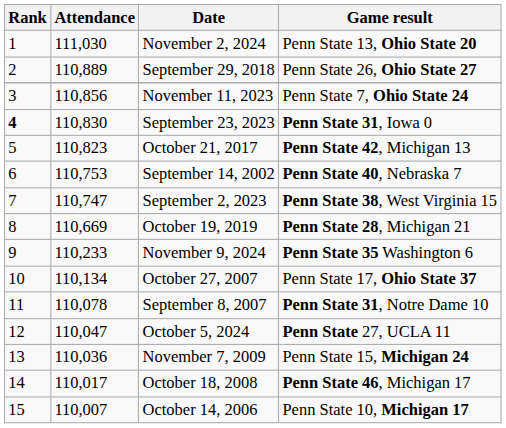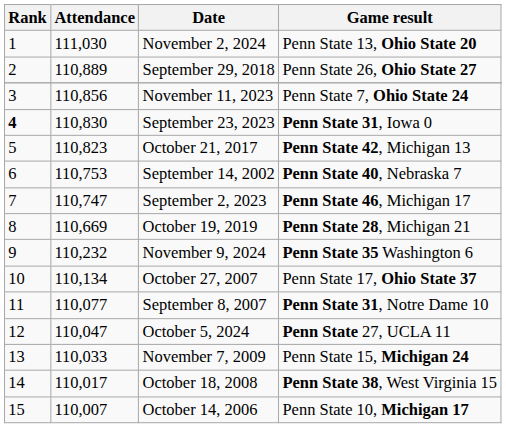 <table class="wikitable">
 <tr>
 <th>Rank</th>
 <th>Attendance</th>
 <th>Date</th>
 <th>Game result</th>
 </tr>
 <tr>
 <td>1</td>
 <td>111,030</td>
 <td>November 2, 2024</td>
 <td>Penn State 13, <strong>Ohio State 20</strong></td>
 </tr>
 <tr>
 <td>2</td>
 <td>110,889</td>
 <td>September 29, 2018</td>
 <td>Penn State 26, <strong>Ohio State 27</strong></td>
 </tr>
 <tr>
 </tr>
 <tr>
 <td>3</td>
 <td>110,856</td>
 <td>November 11, 2023</td>
 <td>Penn State 7, <strong>Ohio State 24</strong></td>
 </tr>
 <tr>
 <td><strong>4</strong></td>
 <td>110,830</td>
 <td>September 23, 2023</td>
 <td><strong>Penn State 31</strong>, Iowa 0</td>
 </tr>
 <tr>
 <td>5</td>
 <td>110,823</td>
 <td>October 21, 2017</td>
 <td><strong>Penn State 42</strong>, Michigan 13</td>
 </tr>
 <tr>
 <td>6</td>
 <td>110,753</td>
 <td>September 14, 2002</td>
 <td><strong>Penn State 40</strong>, Nebraska 7</td>
 </tr>
 <tr>
 <td>7</td>
 <td>110,747</td>
 <td>September 2, 2023</td>
-<td><strong>Penn State 38</strong>, West Virginia 15</td>
+<td><strong>Penn State 46</strong>, Michigan 17</td>
 </tr>
 <tr>
 <td>8</td>
 <td>110,669</td>
 <td>October 19, 2019</td>
 <td><strong>Penn State 28</strong>, Michigan 21</td>
 </tr>
 <tr>
 <td>9</td>
-<td>110,233</td>
+<td>110,232</td>
 <td>November 9, 2024</td>
 <td><strong>Penn State 35</strong> Washington 6</td>
 </tr>
 <tr>
 <td>10</td>
 <td>110,134</td>
 <td>October 27, 2007</td>
 <td>Penn State 17, <strong>Ohio State 37</strong></td>
 </tr>
 <tr>
 <td>11</td>
-<td>110,078</td>
+<td>110,077</td>
 <td>September 8, 2007</td>
 <td><strong>Penn State 31</strong>, Notre Dame 10</td>
 </tr>
 <tr>
 <td>12</td>
 <td>110,047</td>
 <td>October 5, 2024</td>
 <td><strong>Penn State</strong> 27, UCLA 11</td>
 </tr>
 <tr>
 <td>13</td>
-<td>110,036</td>
+<td>110,033</td>
 <td>November 7, 2009</td>
 <td>Penn State 15, <strong>Michigan 24</strong></td>
 </tr>
 <tr>
 <td>14</td>
 <td>110,017</td>
 <td>October 18, 2008</td>
-<td><strong>Penn State 46</strong>, Michigan 17</td>
+<td><strong>Penn State 38</strong>, West Virginia 15</td>
 </tr>
 <tr>
 <td>15</td>
 <td>110,007</td>
 <td>October 14, 2006</td>
 <td>Penn State 10, <strong>Michigan 17</strong></td>
 </tr>
 </table>
